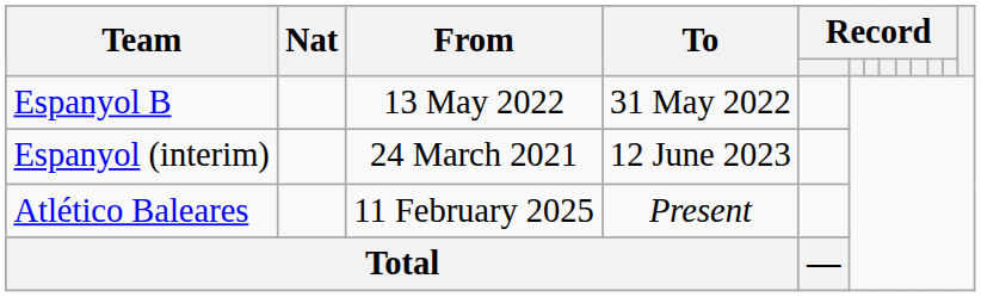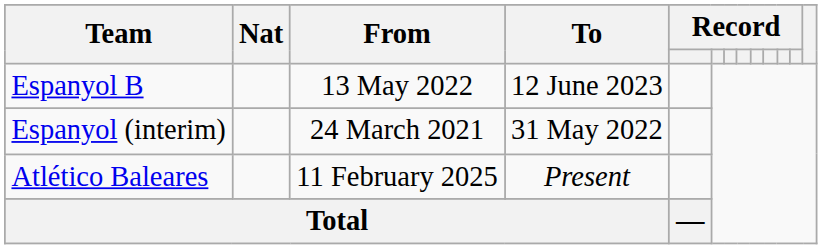 <table class="wikitable" style="text-align: center">
 <tr>
 <th rowspan="2">Team</th>
 <th rowspan="2">Nat</th>
 <th rowspan="2">From</th>
 <th rowspan="2">To</th>
 <th colspan="8">Record</th>
 <th rowspan=2></th>
 </tr>
 <tr>
 <th></th>
 <th></th>
 <th></th>
 <th></th>
 <th></th>
 <th></th>
 <th></th>
 <th></th>
 </tr>
 <tr>
 <td align="left"><a href='#'>Espanyol B</a></td>
 <td align="center"></td>
 <td align="center">13 May 2022</td>
-<td align="center">31 May 2022<br></td>
+<td align="center">12 June 2023<br></td>
 <td></td>
 </tr>
 <tr>
 <td align="left"><a href='#'>Espanyol</a> (interim)</td>
 <td align="center"></td>
 <td align="center">24 March 2021</td>
-<td align="center">12 June 2023<br></td>
+<td align="center">31 May 2022<br></td>
 <td></td>
 </tr>
 <tr>
 <td align="left"><a href='#'>Atlético Baleares</a></td>
 <td align="center"></td>
 <td align="center">11 February 2025</td>
 <td align="center"><em>Present</em><br></td>
 <td></td>
 </tr>
 <tr>
 <th colspan="4">Total<br></th>
 <th>—</th>
 </tr>
 </table>
